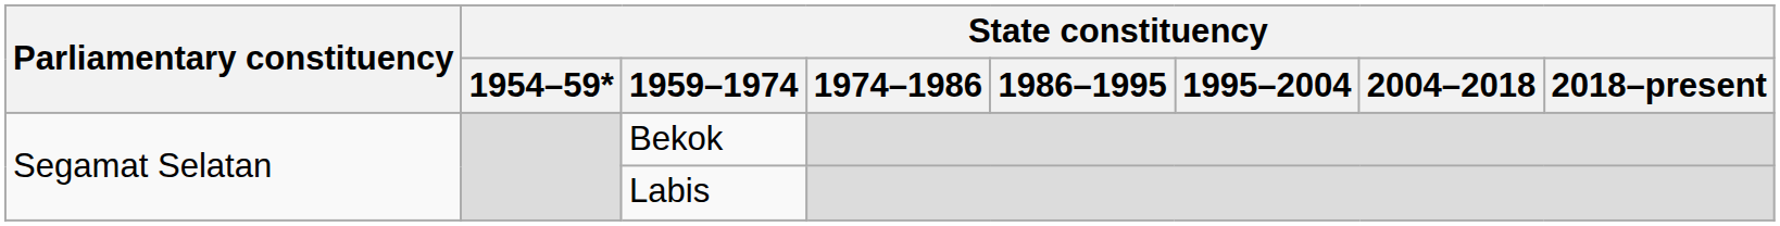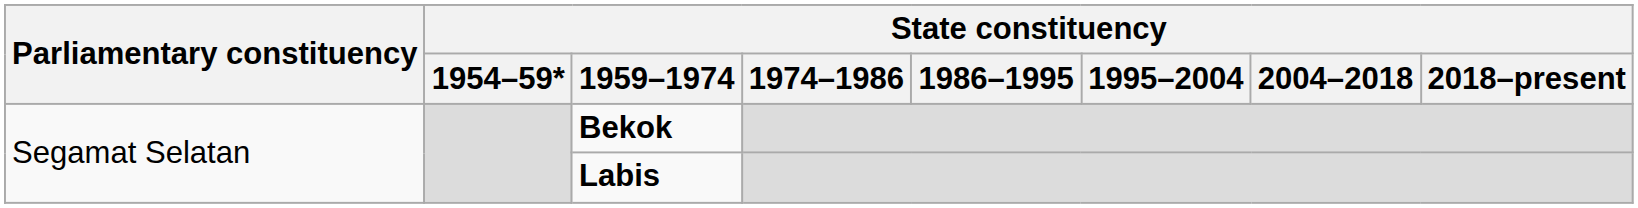 <table class="wikitable">
 <tr>
 <th rowspan="2">Parliamentary constituency</th>
 <th colspan="7">State constituency</th>
 </tr>
 <tr>
 <th>1954–59*</th>
 <th>1959–1974</th>
 <th>1974–1986</th>
 <th>1986–1995</th>
 <th>1995–2004</th>
 <th>2004–2018</th>
 <th>2018–present</th>
 </tr>
 <tr>
 <td rowspan="2">Segamat Selatan</td>
 <td rowspan="2" bgcolor="dcdcdc"></td>
-<td>Bekok</td>
+<td><strong>Bekok</strong></td>
 <td colspan="5" bgcolor="dcdcdc"></td>
 </tr>
 <tr>
-<td>Labis</td>
+<td><strong>Labis</strong></td>
 <td colspan="5" bgcolor="dcdcdc"></td>
 </tr>
 </table>
